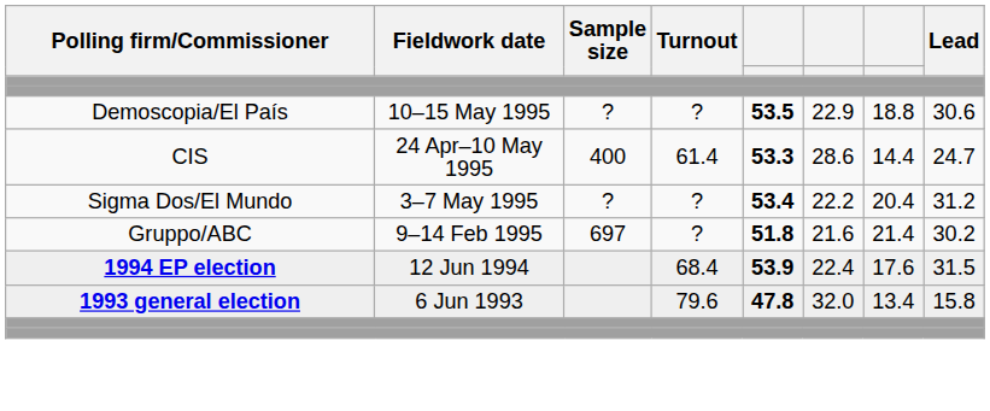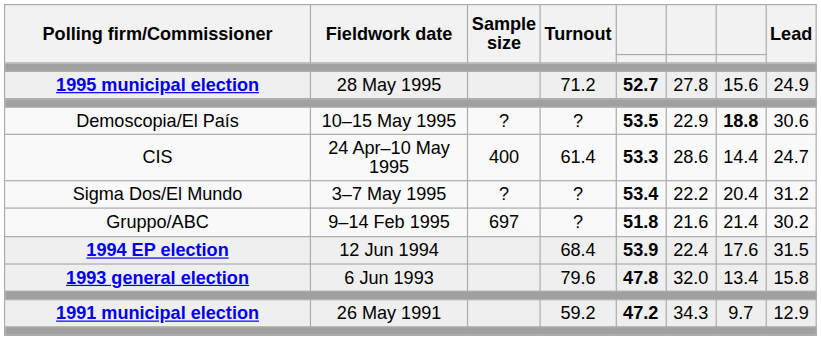 <table class="wikitable collapsible collapsed" style="text-align:center; font-size:95%; line-height:16px;">
 <tr style="height:42px;">
 <th style="width:250px;" rowspan="2">Polling firm/Commissioner</th>
 <th style="width:125px;" rowspan="2">Fieldwork date</th>
 <th style="width:50px;" rowspan="2">Sample size</th>
 <th style="width:45px;" rowspan="2">Turnout</th>
 <th style="width:35px;"></th>
 <th style="width:35px;"></th>
 <th style="width:35px;"></th>
 <th style="width:30px;" rowspan="2">Lead</th>
 </tr>
 <tr>
 <th style="color:inherit;background:"></th>
 <th style="color:inherit;background:"></th>
 <th style="color:inherit;background:"></th>
 </tr>
 <tr>
 <td colspan="8" style="background:#A0A0A0"></td>
 </tr>
+<tr style="background:#EFEFEF;">
+<td><strong><a href='#'>1995 municipal election</a></strong></td>
+<td>28 May 1995</td>
+<td></td>
+<td>71.2</td>
+<td><strong>52.7</strong><br></td>
+<td>27.8<br></td>
+<td>15.6<br></td>
+<td style="background:">24.9</td>
+</tr>
 <tr>
 <td colspan="8" style="background:#A0A0A0"></td>
 </tr>
 <tr>
 <td>Demoscopia/El País</td>
 <td>10–15 May 1995</td>
 <td>?</td>
 <td>?</td>
 <td><strong>53.5</strong><br></td>
 <td>22.9<br></td>
-<td>18.8<br></td>
+<td><strong>18.8<br></strong></td>
 <td style="background:">30.6</td>
 </tr>
 <tr>
 <td>CIS</td>
 <td>24 Apr–10 May 1995</td>
 <td>400</td>
 <td>61.4</td>
 <td><strong>53.3</strong></td>
 <td>28.6</td>
 <td>14.4</td>
 <td style="background:">24.7</td>
 </tr>
 <tr>
 <td>Sigma Dos/El Mundo</td>
 <td>3–7 May 1995</td>
 <td>?</td>
 <td>?</td>
 <td><strong>53.4</strong><br></td>
 <td>22.2<br></td>
 <td>20.4<br></td>
 <td style="background:">31.2</td>
 </tr>
 <tr>
 <td>Gruppo/ABC</td>
 <td>9–14 Feb 1995</td>
 <td>697</td>
 <td>?</td>
 <td><strong>51.8</strong><br></td>
 <td>21.6<br></td>
 <td>21.4<br></td>
 <td style="background:">30.2</td>
 </tr>
 <tr style="background:#EFEFEF;">
 <td><strong><a href='#'>1994 EP election</a></strong></td>
 <td>12 Jun 1994</td>
 <td></td>
 <td>68.4</td>
 <td><strong>53.9</strong><br></td>
 <td>22.4<br></td>
 <td>17.6<br></td>
 <td style="background:">31.5</td>
 </tr>
 <tr style="background:#EFEFEF;">
 <td><strong><a href='#'>1993 general election</a></strong></td>
 <td>6 Jun 1993</td>
 <td></td>
 <td>79.6</td>
 <td><strong>47.8</strong><br></td>
 <td>32.0<br></td>
 <td>13.4<br></td>
 <td style="background:">15.8</td>
 </tr>
 <tr>
 <td colspan="8" style="background:#A0A0A0"></td>
 </tr>
+<tr style="background:#EFEFEF;">
+<td><strong><a href='#'>1991 municipal election</a></strong></td>
+<td>26 May 1991</td>
+<td></td>
+<td>59.2</td>
+<td><strong>47.2</strong><br></td>
+<td>34.3<br></td>
+<td>9.7<br></td>
+<td style="background:">12.9</td>
+</tr>
 <tr>
 <td colspan="8" style="background:#A0A0A0"></td>
 </tr>
 </table>
